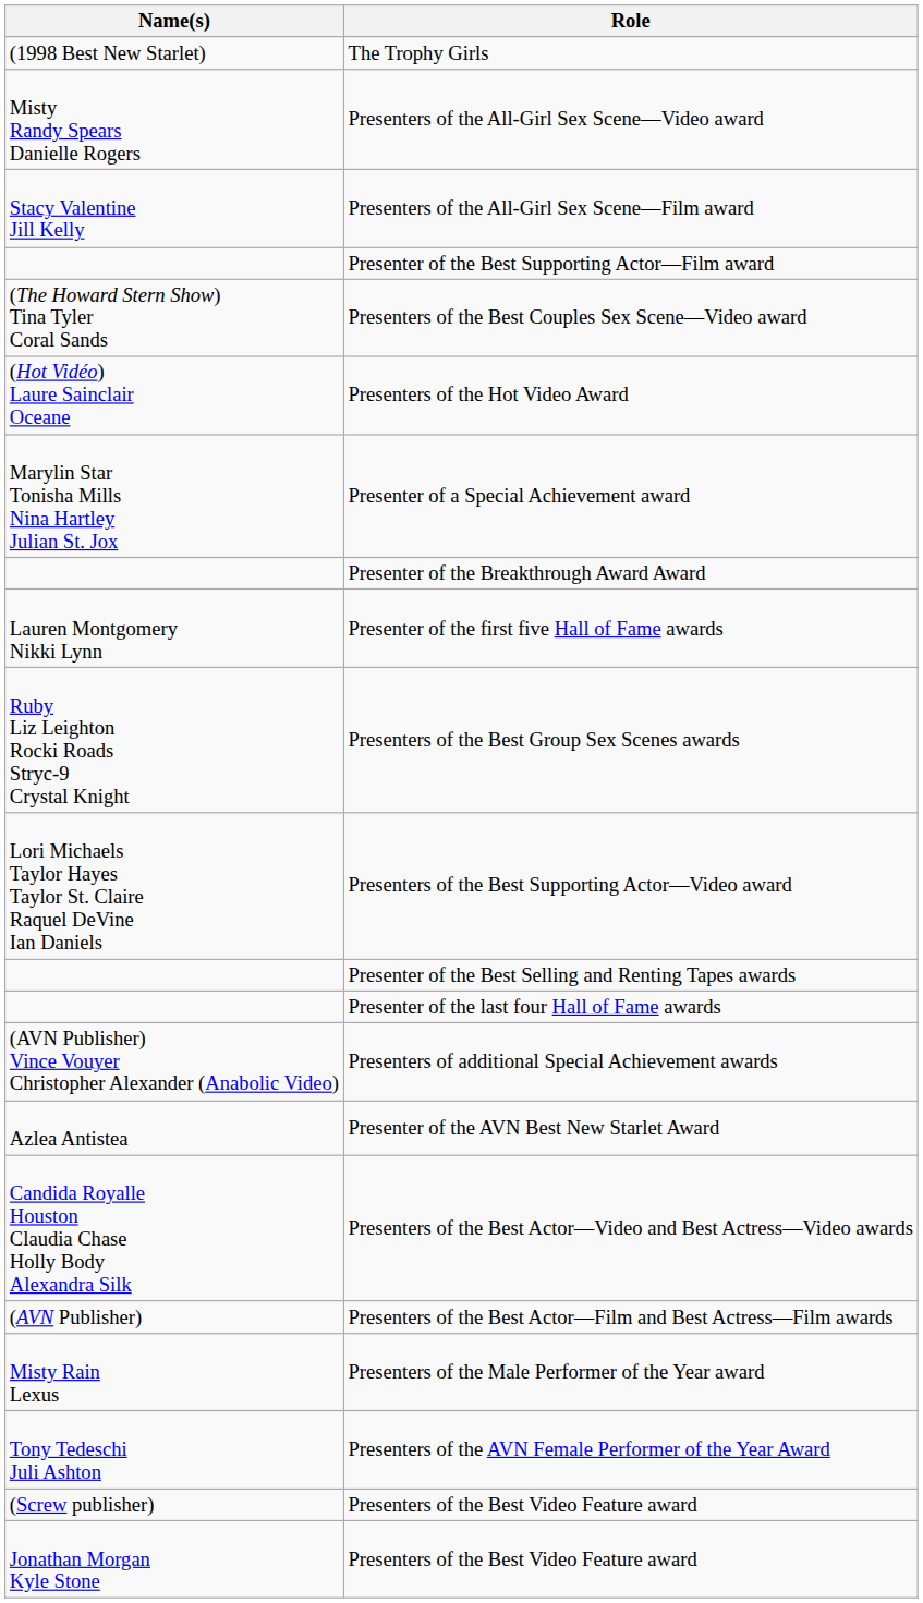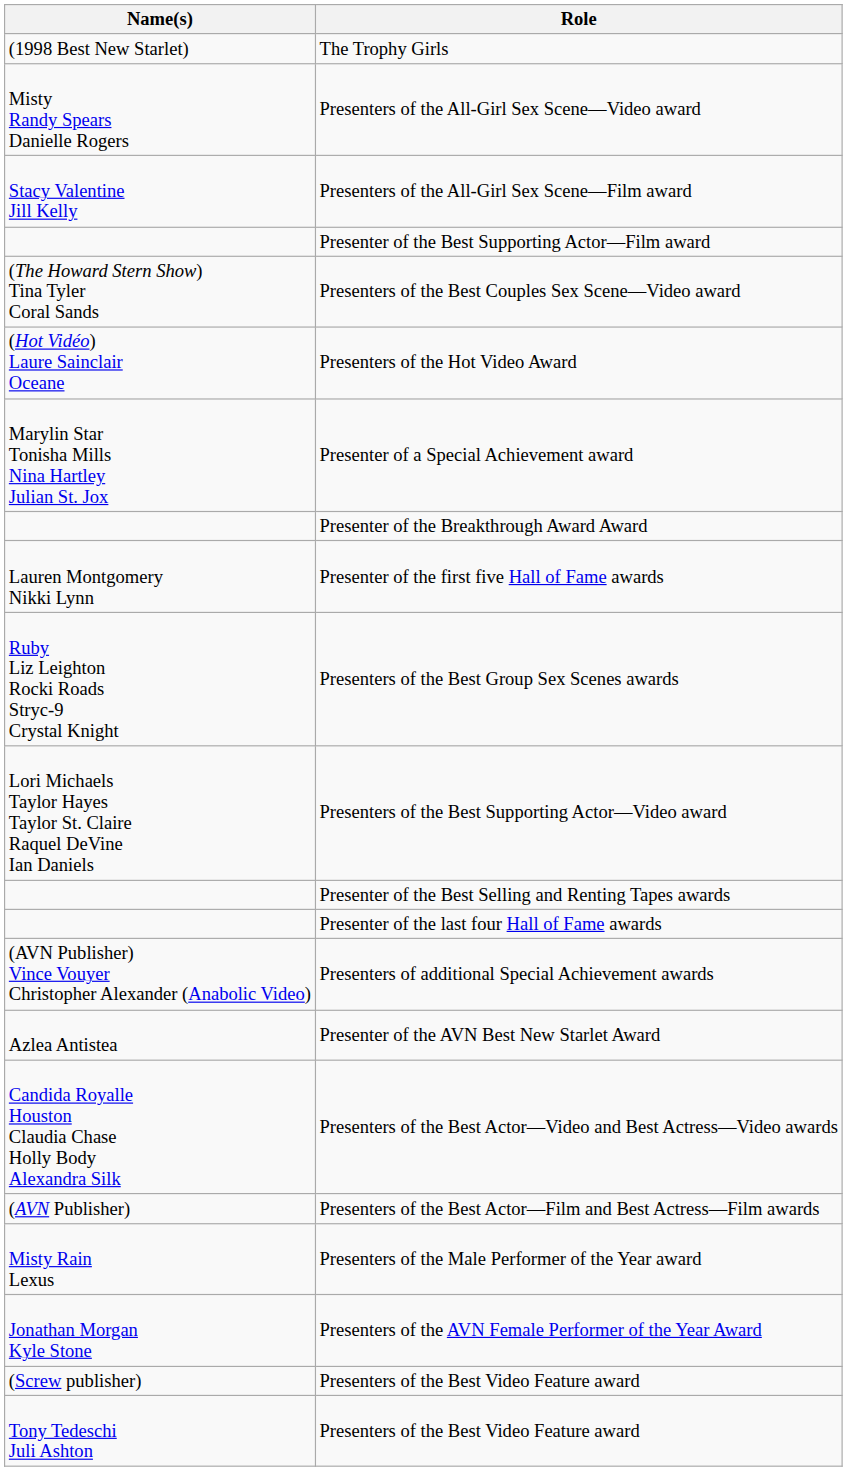 <table class="wikitable sortable">
 <tr>
 <th>Name(s)</th>
 <th>Role</th>
 </tr>
 <tr>
 <td> (1998 Best New Starlet)</td>
 <td>The Trophy Girls</td>
 </tr>
 <tr>
 <td><br>Misty<br><a href='#'>Randy Spears</a><br>Danielle Rogers</td>
 <td>Presenters of the All-Girl Sex Scene—Video award</td>
 </tr>
 <tr>
 <td><br><a href='#'>Stacy Valentine</a><br><a href='#'>Jill Kelly</a></td>
 <td>Presenters of the All-Girl Sex Scene—Film award</td>
 </tr>
 <tr>
 <td></td>
 <td>Presenter of the Best Supporting Actor—Film award</td>
 </tr>
 <tr>
 <td> (<em>The Howard Stern Show</em>)<br>Tina Tyler<br>Coral Sands</td>
 <td>Presenters of the Best Couples Sex Scene—Video award</td>
 </tr>
 <tr>
 <td> (<em><a href='#'>Hot Vidéo</a></em>)<br><a href='#'>Laure Sainclair</a><br><a href='#'>Oceane</a></td>
 <td>Presenters of the Hot Video Award</td>
 </tr>
 <tr>
 <td><br>Marylin Star<br>Tonisha Mills<br><a href='#'>Nina Hartley</a><br><a href='#'>Julian St. Jox</a></td>
 <td>Presenter of a Special Achievement award</td>
 </tr>
 <tr>
 <td></td>
 <td>Presenter of the Breakthrough Award Award</td>
 </tr>
 <tr>
 <td><br>Lauren Montgomery<br>Nikki Lynn</td>
 <td>Presenter of the first five <a href='#'>Hall of Fame</a> awards</td>
 </tr>
 <tr>
 <td><br><a href='#'>Ruby</a><br>Liz Leighton<br>Rocki Roads<br>Stryc-9<br>Crystal Knight</td>
 <td>Presenters of the Best Group Sex Scenes awards</td>
 </tr>
 <tr>
 <td><br>Lori Michaels<br>Taylor Hayes<br>Taylor St. Claire<br>Raquel DeVine<br>Ian Daniels</td>
 <td>Presenters of the Best Supporting Actor—Video award</td>
 </tr>
 <tr>
 <td></td>
 <td>Presenter of the Best Selling and Renting Tapes awards</td>
 </tr>
 <tr>
 <td></td>
 <td>Presenter of the last four <a href='#'>Hall of Fame</a> awards</td>
 </tr>
 <tr>
 <td> (AVN Publisher)<br><a href='#'>Vince Vouyer</a><br>Christopher Alexander (<a href='#'>Anabolic Video</a>)</td>
 <td>Presenters of additional Special Achievement awards</td>
 </tr>
 <tr>
 <td><br>Azlea Antistea</td>
 <td>Presenter of the AVN Best New Starlet Award</td>
 </tr>
 <tr>
 <td><br><a href='#'>Candida Royalle</a><br><a href='#'>Houston</a><br>Claudia Chase<br>Holly Body<br><a href='#'>Alexandra Silk</a></td>
 <td>Presenters of the Best Actor—Video and Best Actress—Video awards</td>
 </tr>
 <tr>
 <td> (<em><a href='#'>AVN</a></em> Publisher)</td>
 <td>Presenters of the Best Actor—Film and Best Actress—Film awards</td>
 </tr>
 <tr>
 <td><br><a href='#'>Misty Rain</a><br>Lexus</td>
 <td>Presenters of the Male Performer of the Year award</td>
 </tr>
 <tr>
-<td><br><a href='#'>Tony Tedeschi</a><br><a href='#'>Juli Ashton</a></td>
+<td><br><a href='#'>Jonathan Morgan</a><br><a href='#'>Kyle Stone</a></td>
 <td>Presenters of the <a href='#'>AVN Female Performer of the Year Award</a></td>
 </tr>
 <tr>
 <td> (<a href='#'>Screw</a> publisher)</td>
 <td>Presenters of the Best Video Feature award</td>
 </tr>
 <tr>
-<td><br><a href='#'>Jonathan Morgan</a><br><a href='#'>Kyle Stone</a></td>
+<td><br><a href='#'>Tony Tedeschi</a><br><a href='#'>Juli Ashton</a></td>
 <td>Presenters of the Best Video Feature award</td>
 </tr>
 </table>
